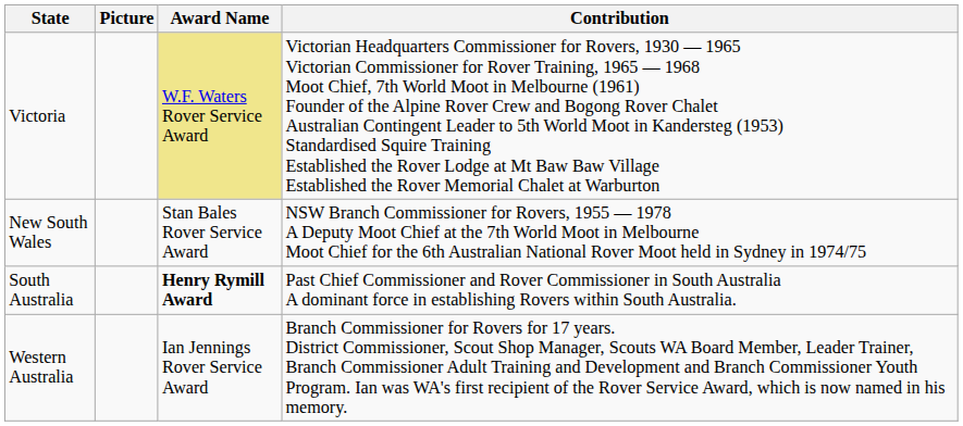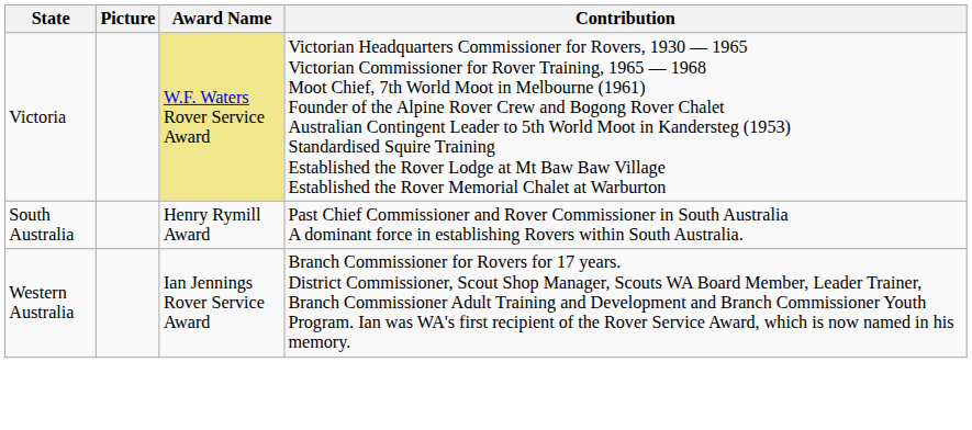 <table class="wikitable">
 <tr>
 <th>State</th>
 <th>Picture</th>
 <th>Award Name</th>
 <th>Contribution</th>
 </tr>
 <tr>
 <td>Victoria</td>
 <td></td>
 <td style="background: khaki;"><a href='#'>W.F. Waters</a> Rover Service Award</td>
 <td>Victorian Headquarters Commissioner for Rovers, 1930 — 1965 <br>Victorian Commissioner for Rover Training, 1965 — 1968<br>Moot Chief, 7th World Moot in Melbourne (1961)<br>Founder of the Alpine Rover Crew and Bogong Rover Chalet<br>Australian Contingent Leader to 5th World Moot in Kandersteg (1953)<br>Standardised Squire Training<br>Established the Rover Lodge at Mt Baw Baw Village <br>Established the Rover Memorial Chalet at Warburton</td>
 </tr>
 <tr>
-<td>New South Wales</td>
-<td></td>
-<td>Stan Bales Rover Service Award</td>
-<td>NSW Branch Commissioner for Rovers, 1955 — 1978<br>A Deputy Moot Chief at the 7th World Moot in Melbourne<br>Moot Chief for the 6th Australian National Rover Moot held in Sydney in 1974/75</td>
-</tr>
-<tr>
 <td>South Australia</td>
 <td></td>
-<td><strong>Henry Rymill Award</strong></td>
+<td>Henry Rymill Award</td>
 <td>Past Chief Commissioner and Rover Commissioner in South Australia<br>A dominant force in establishing Rovers within South Australia.</td>
 </tr>
 <tr>
 <td>Western Australia</td>
 <td></td>
 <td>Ian Jennings Rover Service Award</td>
 <td>Branch Commissioner for Rovers for 17 years.<br>District Commissioner, Scout Shop Manager, Scouts WA Board Member, Leader Trainer, Branch Commissioner Adult Training and Development and Branch Commissioner Youth Program.  Ian was WA's first recipient of the Rover Service Award, which is now named in his memory.</td>
 </tr>
 </table>
